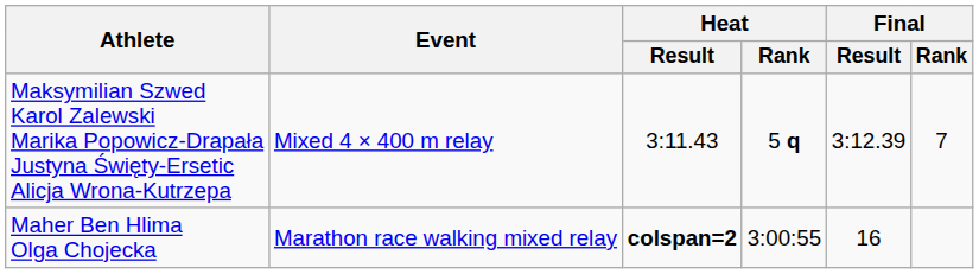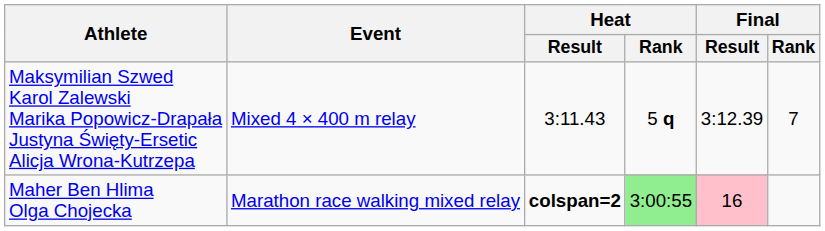 <table class="wikitable" style="text-align:center; font-size:90%">
 <tr>
 <th rowspan=2>Athlete</th>
 <th rowspan=2>Event</th>
 <th colspan=2>Heat</th>
 <th colspan=2>Final</th>
 </tr>
 <tr style="font-size:95%">
 <th>Result</th>
 <th>Rank</th>
 <th>Result</th>
 <th>Rank</th>
 </tr>
 <tr>
 <td align=left><a href='#'>Maksymilian Szwed</a><br><a href='#'>Karol Zalewski</a><br><a href='#'>Marika Popowicz-Drapała</a><br><a href='#'>Justyna Święty-Ersetic</a><br><a href='#'>Alicja Wrona-Kutrzepa</a></td>
 <td align=left><a href='#'>Mixed 4 × 400 m relay</a></td>
 <td>3:11.43</td>
 <td>5 <strong>q</strong></td>
 <td>3:12.39</td>
 <td>7</td>
 </tr>
 <tr>
 <td align=left><a href='#'>Maher Ben Hlima</a><br><a href='#'>Olga Chojecka</a></td>
 <td align=left><a href='#'>Marathon race walking mixed relay</a></td>
 <td><strong>colspan=2 </strong></td>
-<td>3:00:55</td>
-<td>16</td>
+<td style="background: lightgreen;">3:00:55</td>
+<td style="background: pink;">16</td>
 </tr>
 </table>
